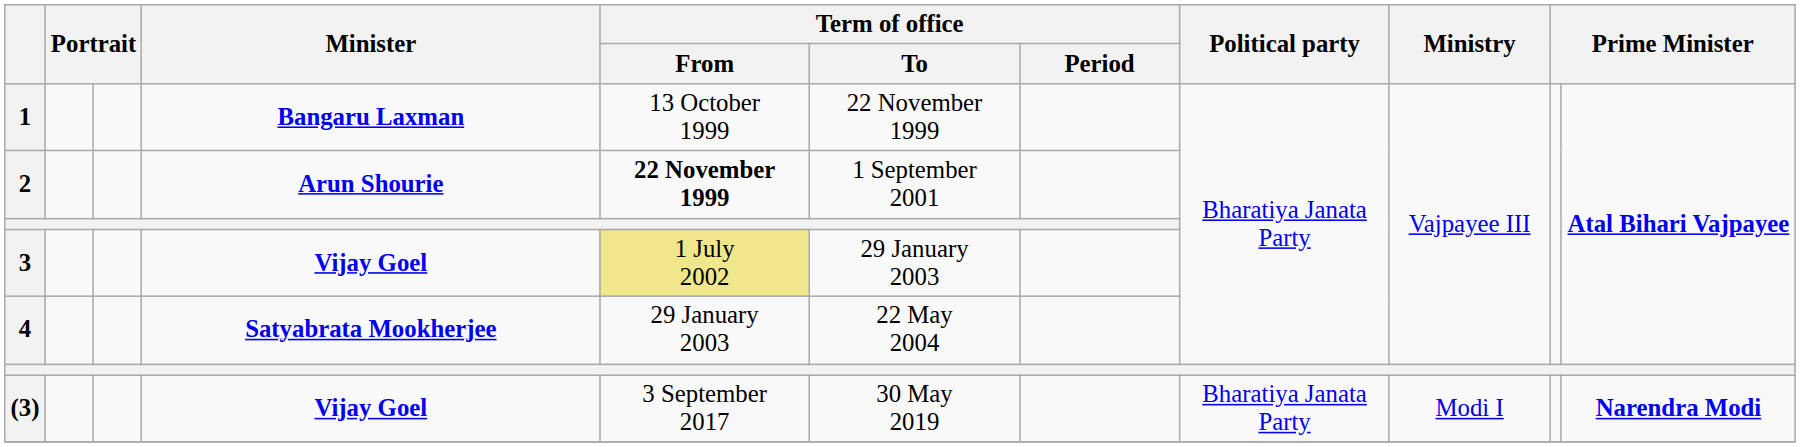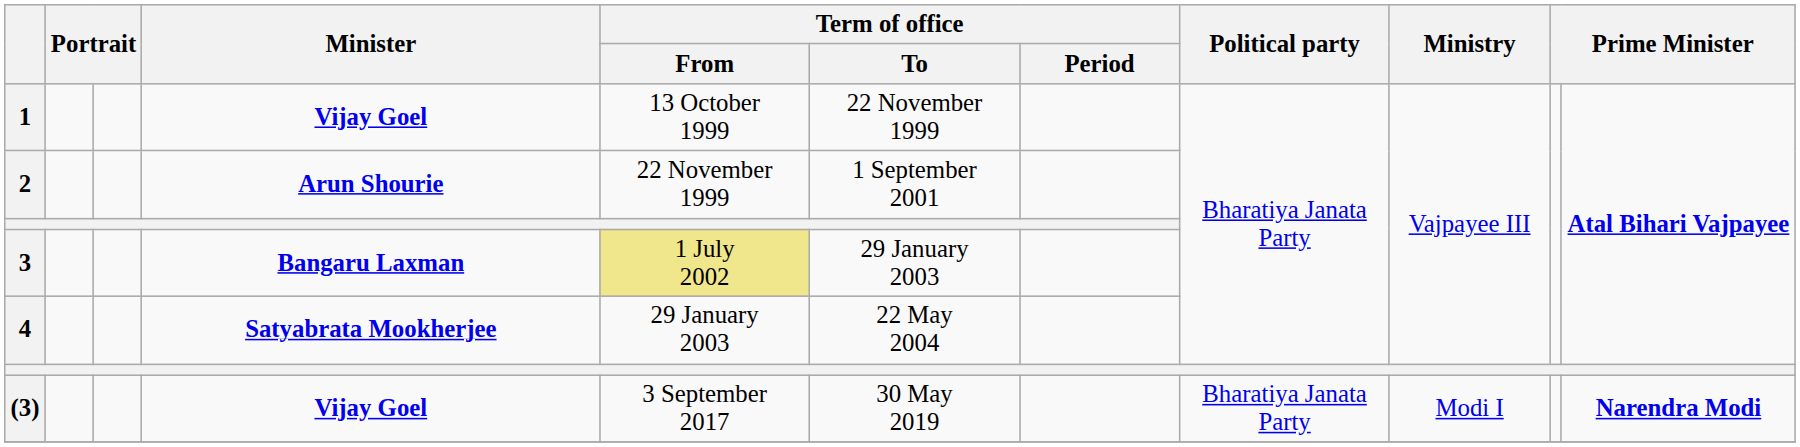 <table class="wikitable" style="text-align:center">
 <tr>
 <th rowspan="2"></th>
 <th rowspan="2" colspan="2">Portrait</th>
 <th rowspan="2" style="width:18em">Minister<br></th>
 <th colspan="3">Term of office</th>
 <th rowspan="2" style="width:8em">Political party</th>
 <th rowspan="2" style="width:6em">Ministry</th>
 <th rowspan="2" colspan="2">Prime Minister</th>
 </tr>
 <tr>
 <th style="width:8em">From</th>
 <th style="width:8em">To</th>
 <th style="width:6em">Period</th>
 </tr>
 <tr>
 <th>1</th>
 <td></td>
 <td></td>
-<td><strong><a href='#'>Bangaru Laxman</a></strong><br></td>
+<td><strong><a href='#'>Vijay Goel</a></strong><br></td>
 <td>13 October<br>1999</td>
 <td>22 November<br>1999</td>
 <td><strong></strong></td>
 <td rowspan="5"><a href='#'>Bharatiya Janata Party</a></td>
 <td rowspan="5"><a href='#'>Vajpayee III</a></td>
 <td rowspan="5"></td>
 <td rowspan="5" style="width:9em"><strong><a href='#'>Atal Bihari Vajpayee</a></strong></td>
 </tr>
 <tr>
 <th>2</th>
 <td></td>
 <td></td>
 <td><strong><a href='#'>Arun Shourie</a></strong><br></td>
-<td><strong>22 November<br>1999</strong></td>
+<td>22 November<br>1999</td>
 <td>1 September<br>2001</td>
 <td><strong></strong></td>
 </tr>
 <tr>
 <th colspan="7"></th>
 </tr>
 <tr>
 <th>3</th>
 <td></td>
 <td></td>
-<td><strong><a href='#'>Vijay Goel</a></strong><br></td>
+<td><strong><a href='#'>Bangaru Laxman</a></strong><br></td>
 <td style="background: khaki;">1 July<br>2002</td>
 <td>29 January<br>2003</td>
 <td><strong></strong></td>
 </tr>
 <tr>
 <th>4</th>
 <td></td>
 <td></td>
 <td><strong><a href='#'>Satyabrata Mookherjee</a></strong><br></td>
 <td>29 January<br>2003</td>
 <td>22 May<br>2004</td>
 <td><strong></strong></td>
 </tr>
 <tr>
 <th colspan="11"></th>
 </tr>
 <tr>
 <th>(3)</th>
 <td></td>
 <td></td>
 <td><strong><a href='#'>Vijay Goel</a></strong><br></td>
 <td>3 September<br>2017</td>
 <td>30 May<br>2019</td>
 <td><strong></strong></td>
 <td><a href='#'>Bharatiya Janata Party</a></td>
 <td><a href='#'>Modi I</a></td>
 <td></td>
 <td><strong><a href='#'>Narendra Modi</a></strong></td>
 </tr>
 <tr>
 </tr>
 </table>
